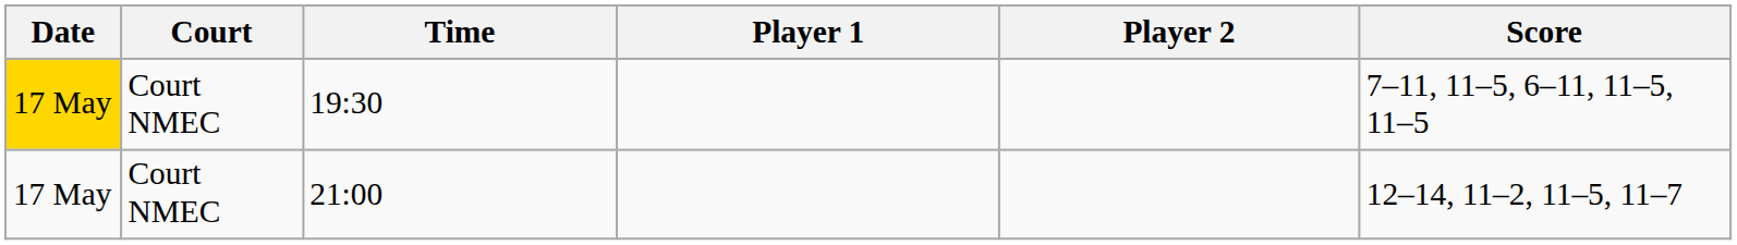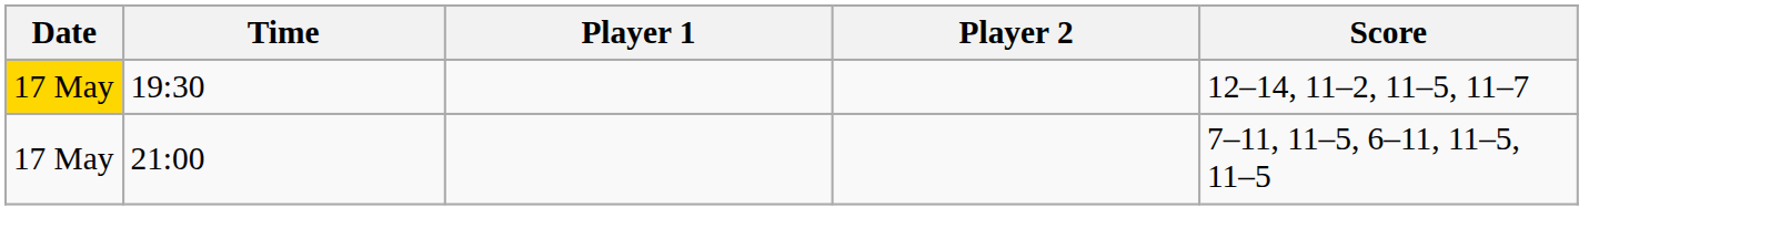 <table class="sortable wikitable" style="font-size:90%">
 <tr>
 <th width="45" class="unsortable">Date</th>
-<th width="75">Court</th>
 <th width="135">Time</th>
 <th width="165">Player 1</th>
 <th width="155">Player 2</th>
 <th width="160" class="unsortable">Score</th>
 </tr>
 <tr>
 <td style="background: gold;">17 May</td>
-<td>Court NMEC</td>
 <td>19:30</td>
+<td><strong></strong></td>
+<td></td>
+<td>12–14, 11–2, 11–5, 11–7</td>
+</tr>
+<tr>
+<td>17 May</td>
+<td>21:00</td>
 <td><strong></strong></td>
 <td></td>
 <td>7–11, 11–5, 6–11, 11–5, 11–5</td>
 </tr>
-<tr>
-<td>17 May</td>
-<td>Court NMEC</td>
-<td>21:00</td>
-<td><strong></strong></td>
-<td></td>
-<td>12–14, 11–2, 11–5, 11–7</td>
-</tr>
 </table>
